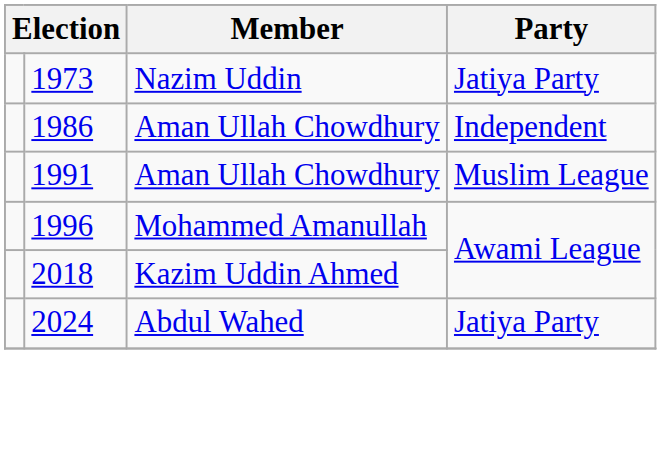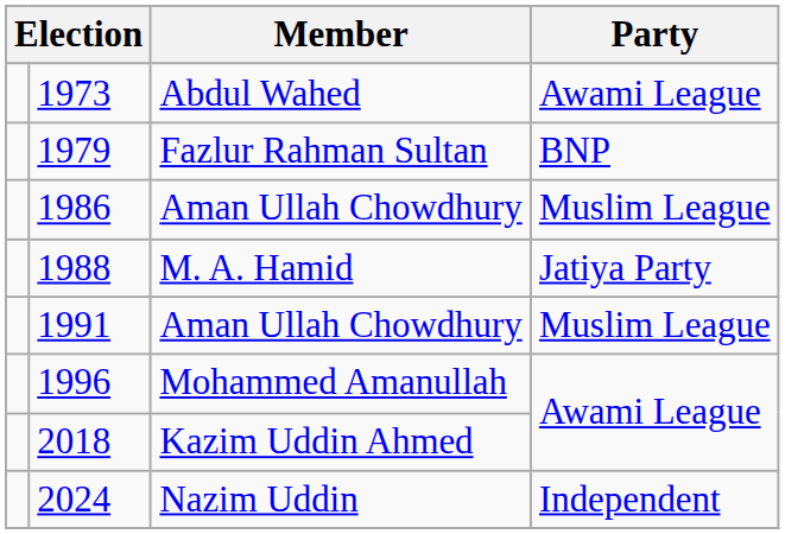 <table class="wikitable">
 <tr>
 <th colspan="2">Election</th>
 <th>Member</th>
 <th>Party</th>
 </tr>
 <tr>
 <td style="background-color:"></td>
 <td><a href='#'>1973</a></td>
-<td><a href='#'>Nazim Uddin</a></td>
-<td><a href='#'>Jatiya Party</a></td>
+<td><a href='#'>Abdul Wahed</a></td>
+<td><a href='#'>Awami League</a></td>
+</tr>
+<tr>
+<td style="background-color:"></td>
+<td><a href='#'>1979</a></td>
+<td><a href='#'>Fazlur Rahman Sultan</a></td>
+<td><a href='#'>BNP</a></td>
 </tr>
 <tr>
 <td style="background-color:"></td>
 <td><a href='#'>1986</a></td>
 <td><a href='#'>Aman Ullah Chowdhury</a></td>
-<td><a href='#'>Independent</a></td>
+<td><a href='#'>Muslim League</a></td>
+</tr>
+<tr>
+<td style="background-color:"></td>
+<td><a href='#'>1988</a></td>
+<td><a href='#'>M. A. Hamid</a></td>
+<td><a href='#'>Jatiya Party</a></td>
 </tr>
 <tr>
 <td style="background-color:"></td>
 <td><a href='#'>1991</a></td>
 <td><a href='#'>Aman Ullah Chowdhury</a></td>
 <td><a href='#'>Muslim League</a></td>
 </tr>
 <tr>
 <td style="background-color:"></td>
 <td><a href='#'>1996</a></td>
 <td><a href='#'>Mohammed Amanullah</a></td>
 <td rowspan="2"><a href='#'>Awami League</a></td>
 </tr>
 <tr>
 <td style="background-color:"></td>
 <td><a href='#'>2018</a></td>
 <td><a href='#'>Kazim Uddin Ahmed</a></td>
 </tr>
 <tr>
 <td style="background-color:"></td>
 <td><a href='#'>2024</a></td>
-<td><a href='#'>Abdul Wahed</a></td>
-<td><a href='#'>Jatiya Party</a></td>
+<td><a href='#'>Nazim Uddin</a></td>
+<td><a href='#'>Independent</a></td>
 </tr>
 <tr>
 </tr>
 </table>
